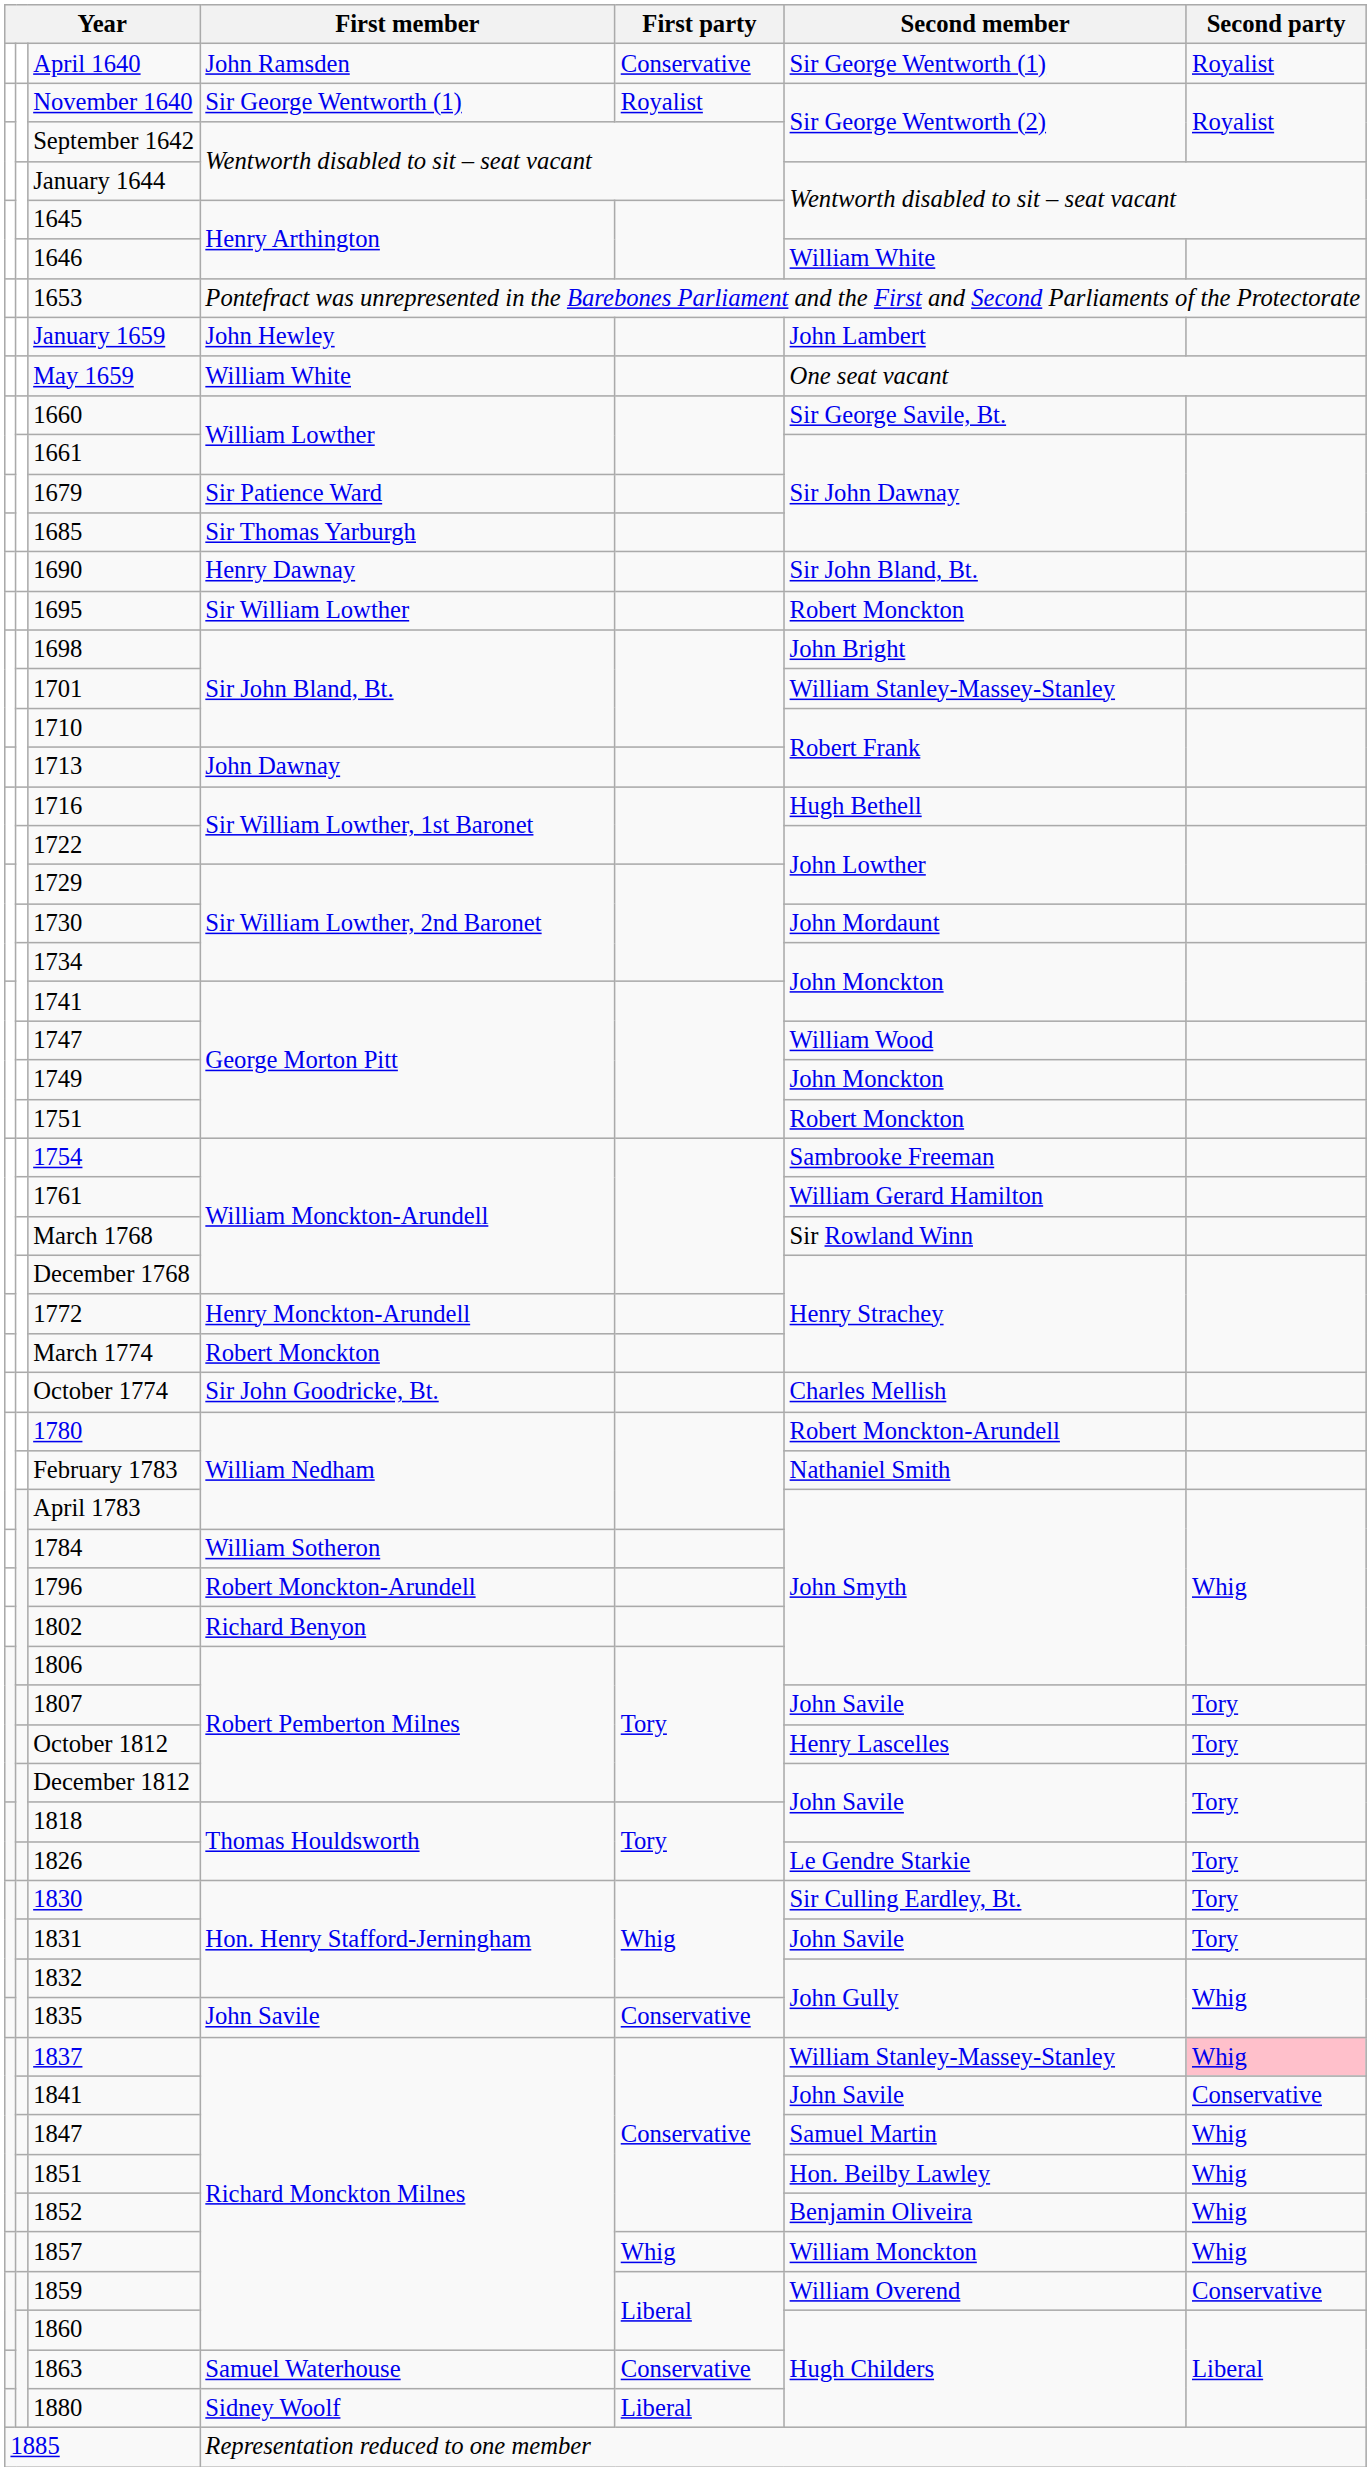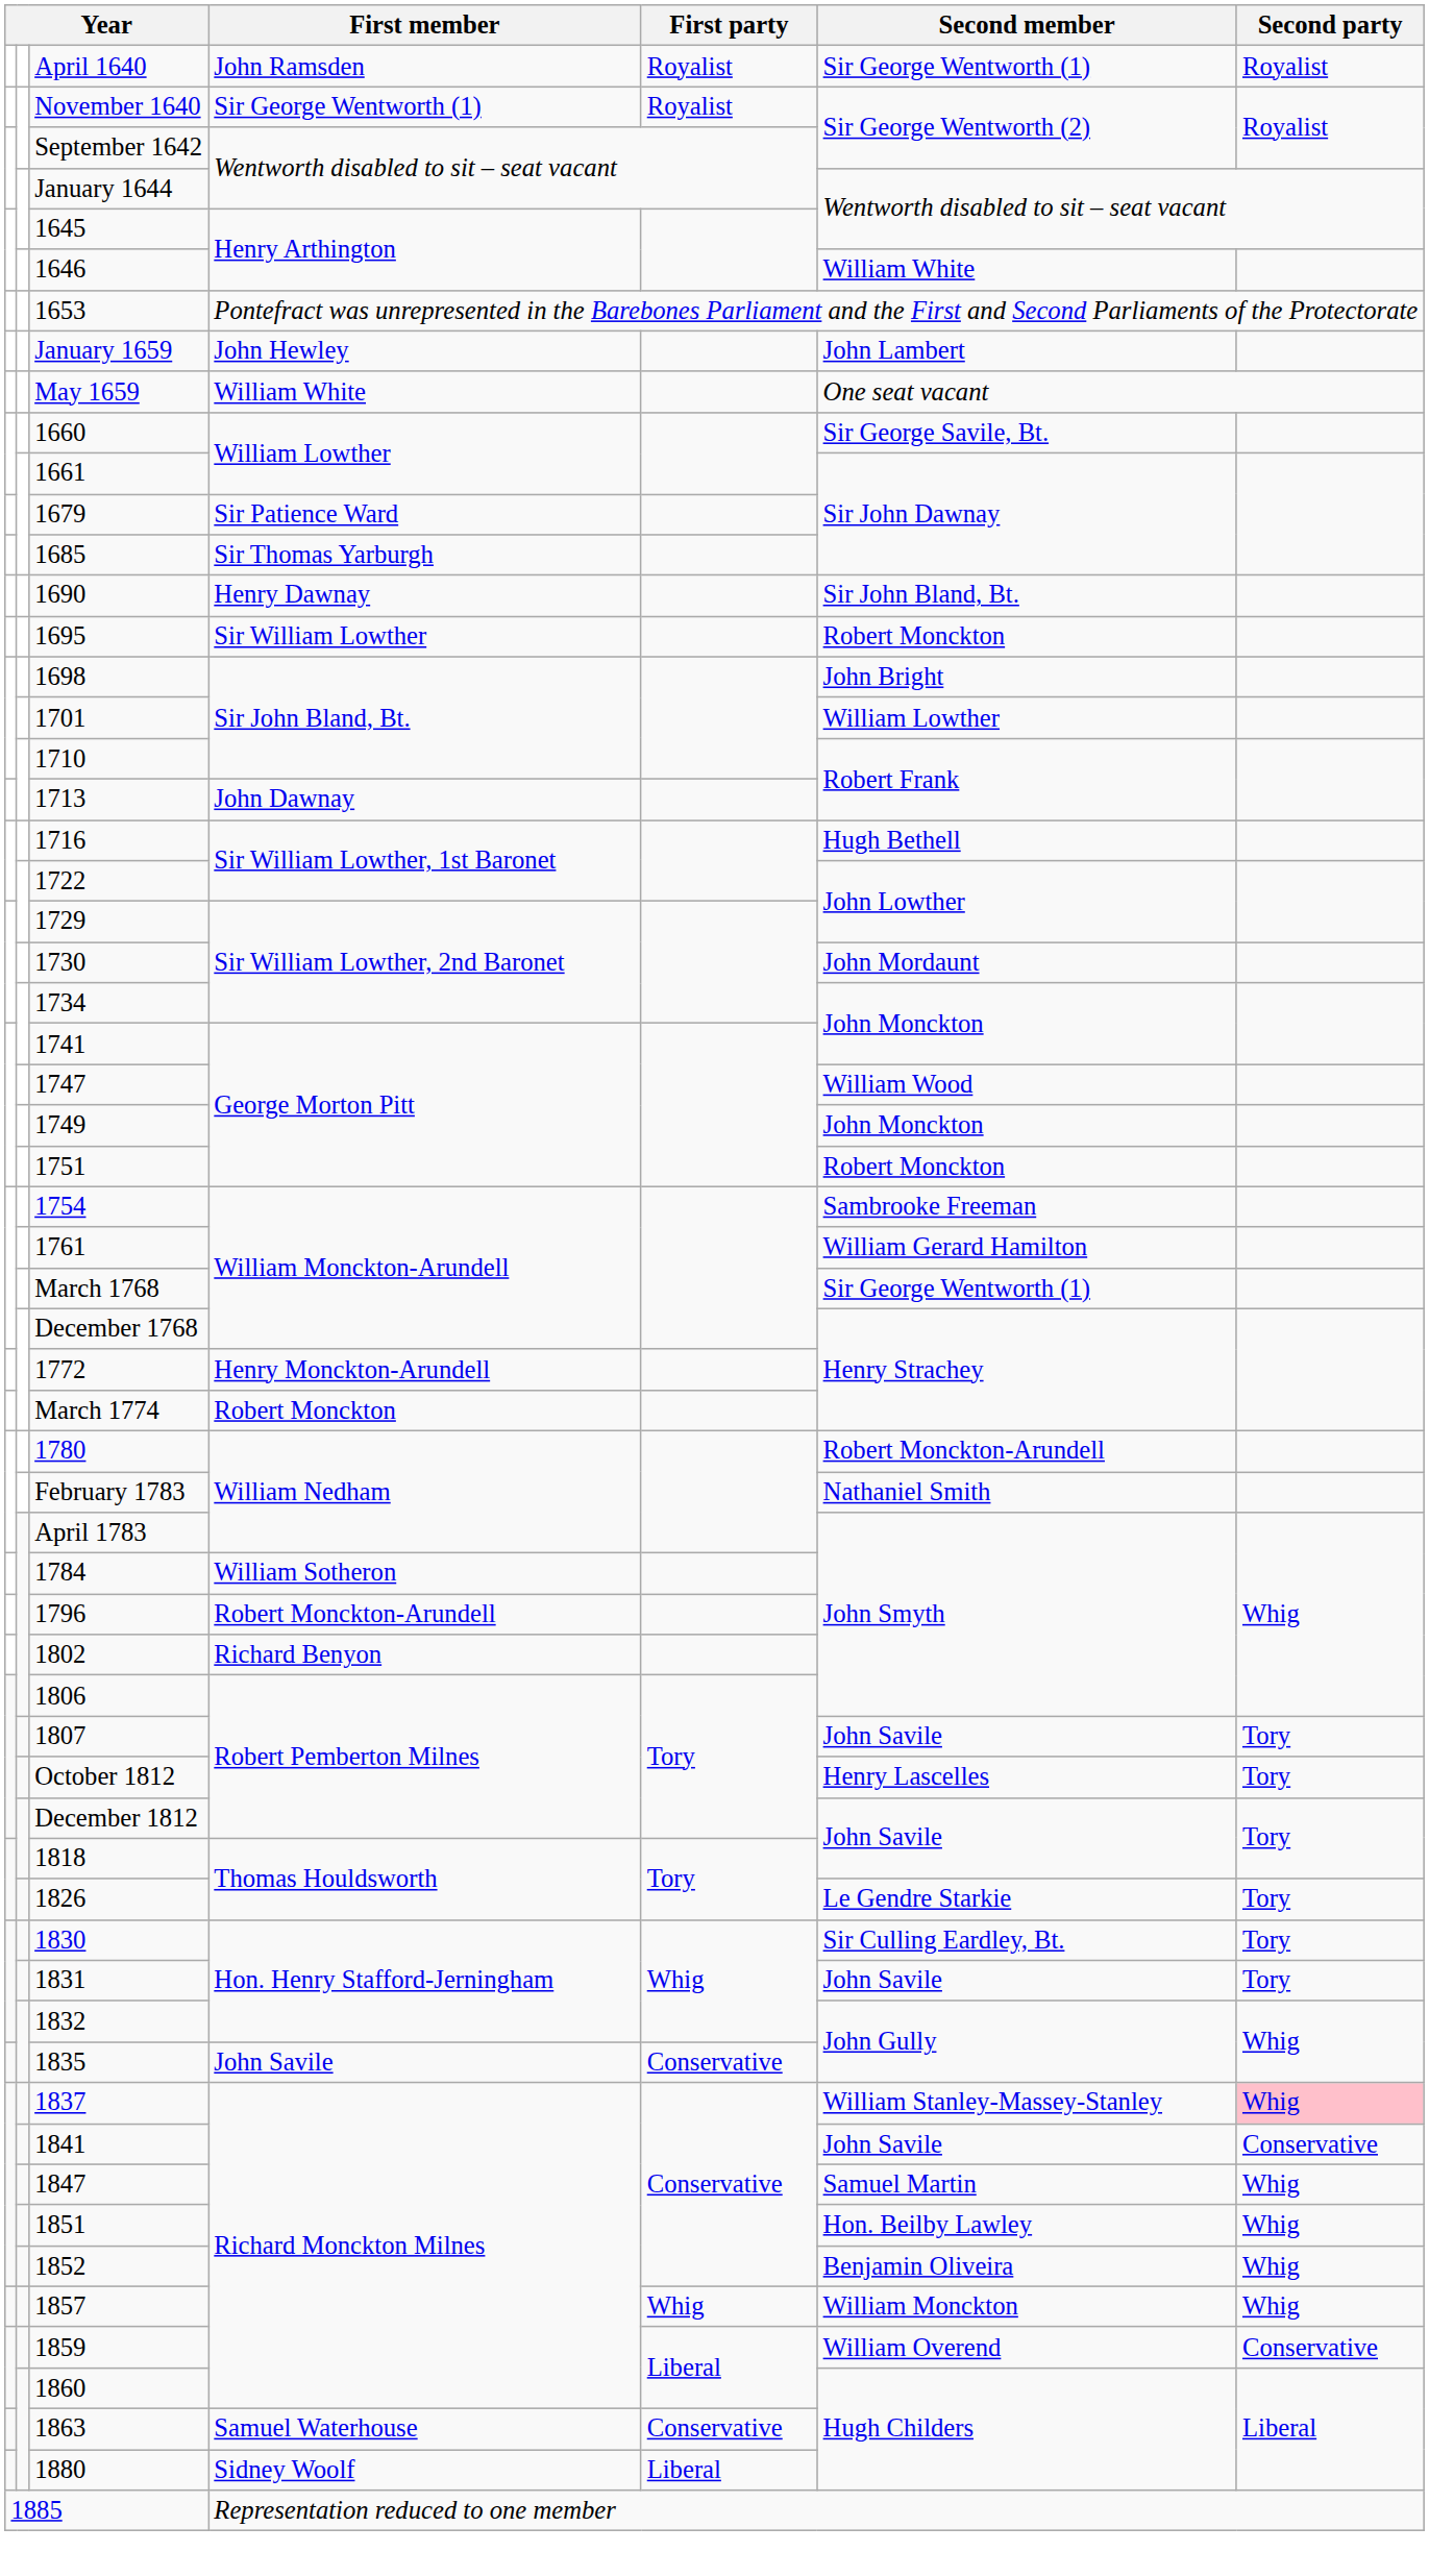 <table class="wikitable">
 <tr>
 <th colspan="3">Year</th>
 <th>First member</th>
 <th>First party</th>
 <th>Second member</th>
 <th>Second party</th>
 </tr>
 <tr>
 <td style="color:inherit;background-color: white"></td>
 <td style="color:inherit;background-color: white"></td>
 <td><a href='#'>April 1640</a></td>
 <td><a href='#'>John Ramsden</a></td>
-<td><a href='#'>Conservative</a></td>
+<td><a href='#'>Royalist</a></td>
 <td><a href='#'>Sir George Wentworth (1)</a></td>
 <td><a href='#'>Royalist</a></td>
 </tr>
 <tr>
 <td style="color:inherit;background-color: white"></td>
 <td rowspan="2" style="color:inherit;background-color: white"></td>
 <td><a href='#'>November 1640</a></td>
 <td><a href='#'>Sir George Wentworth (1)</a></td>
 <td><a href='#'>Royalist</a></td>
 <td rowspan="2"><a href='#'>Sir George Wentworth (2)</a></td>
 <td rowspan="2"><a href='#'>Royalist</a></td>
 </tr>
 <tr>
 <td rowspan="2" style="color:inherit;background-color: white"></td>
 <td>September 1642</td>
 <td rowspan="2" colspan="2"><em>Wentworth disabled to sit – seat vacant</em> </td>
 </tr>
 <tr>
 <td rowspan="2" style="color:inherit;background-color: white"></td>
 <td>January 1644</td>
 <td rowspan="2" colspan="2"><em>Wentworth disabled to sit – seat vacant</em></td>
 </tr>
 <tr>
 <td rowspan="2" style="color:inherit;background-color: white"></td>
 <td>1645</td>
 <td rowspan="2"><a href='#'>Henry Arthington</a></td>
 <td rowspan="2"></td>
 </tr>
 <tr>
 <td style="color:inherit;background-color: white"></td>
 <td>1646</td>
 <td><a href='#'>William White</a></td>
 <td></td>
 </tr>
 <tr>
 <td style="color:inherit;background-color: white"></td>
 <td style="color:inherit;background-color: white"></td>
 <td>1653</td>
 <td colspan="4"><em>Pontefract was unrepresented in the <a href='#'>Barebones Parliament</a> and the <a href='#'>First</a> and <a href='#'>Second</a> Parliaments of the Protectorate</em></td>
 </tr>
 <tr>
 <td style="color:inherit;background-color: white"></td>
 <td style="color:inherit;background-color: white"></td>
 <td><a href='#'>January 1659</a></td>
 <td><a href='#'>John Hewley</a></td>
 <td></td>
 <td><a href='#'>John Lambert</a> </td>
 <td></td>
 </tr>
 <tr>
 <td style="color:inherit;background-color: white"></td>
 <td style="color:inherit;background-color: white"></td>
 <td><a href='#'>May 1659</a></td>
 <td><a href='#'>William White</a></td>
 <td></td>
 <td colspan="2"><em>One seat vacant</em></td>
 </tr>
 <tr>
 <td rowspan="2" style="color:inherit;background-color: white"></td>
 <td style="color:inherit;background-color: white"></td>
 <td>1660</td>
 <td rowspan="2"><a href='#'>William Lowther</a></td>
 <td rowspan="2"></td>
 <td><a href='#'>Sir George Savile, Bt.</a></td>
 <td></td>
 </tr>
 <tr>
 <td rowspan="3" style="color:inherit;background-color: white"></td>
 <td>1661</td>
 <td rowspan="3"><a href='#'>Sir John Dawnay</a></td>
 <td rowspan="3"></td>
 </tr>
 <tr>
 <td style="color:inherit;background-color: white"></td>
 <td>1679</td>
 <td><a href='#'>Sir Patience Ward</a></td>
 <td></td>
 </tr>
 <tr>
 <td style="color:inherit;background-color: white"></td>
 <td>1685</td>
 <td><a href='#'>Sir Thomas Yarburgh</a></td>
 <td></td>
 </tr>
 <tr>
 <td style="color:inherit;background-color: white"></td>
 <td style="color:inherit;background-color: white"></td>
 <td>1690</td>
 <td><a href='#'>Henry Dawnay</a></td>
 <td></td>
 <td><a href='#'>Sir John Bland, Bt.</a></td>
 <td></td>
 </tr>
 <tr>
 <td style="color:inherit;background-color: white"></td>
 <td style="color:inherit;background-color: white"></td>
 <td>1695</td>
 <td><a href='#'>Sir William Lowther</a></td>
 <td></td>
 <td><a href='#'>Robert Monckton</a></td>
 <td></td>
 </tr>
 <tr>
 <td rowspan="3" style="color:inherit;background-color: white"></td>
 <td style="color:inherit;background-color: white"></td>
 <td>1698</td>
 <td rowspan="3"><a href='#'>Sir John Bland, Bt.</a></td>
 <td rowspan="3"></td>
 <td><a href='#'>John Bright</a></td>
 <td></td>
 </tr>
 <tr>
 <td style="color:inherit;background-color: white"></td>
 <td>1701</td>
-<td><a href='#'>William Stanley-Massey-Stanley</a></td>
+<td><a href='#'>William Lowther</a></td>
 <td></td>
 </tr>
 <tr>
 <td rowspan="2" style="color:inherit;background-color: white"></td>
 <td>1710</td>
 <td rowspan="2"><a href='#'>Robert Frank</a></td>
 <td rowspan="2"></td>
 </tr>
 <tr>
 <td style="color:inherit;background-color: white"></td>
 <td>1713</td>
 <td><a href='#'>John Dawnay</a></td>
 <td></td>
 </tr>
 <tr>
 <td rowspan="2" style="color:inherit;background-color: white"></td>
 <td style="color:inherit;background-color: white"></td>
 <td>1716 </td>
 <td rowspan="2"><a href='#'>Sir William Lowther, 1st Baronet</a></td>
 <td rowspan="2"></td>
 <td><a href='#'>Hugh Bethell</a></td>
 <td></td>
 </tr>
 <tr>
 <td rowspan="2" style="color:inherit;background-color: white"></td>
 <td>1722</td>
 <td rowspan="2"><a href='#'>John Lowther</a></td>
 <td rowspan="2"></td>
 </tr>
 <tr>
 <td rowspan="3" style="color:inherit;background-color: white"></td>
 <td>1729</td>
 <td rowspan="3"><a href='#'>Sir William Lowther, 2nd Baronet</a></td>
 <td rowspan="3"></td>
 </tr>
 <tr>
 <td style="color:inherit;background-color: white"></td>
 <td>1730</td>
 <td><a href='#'>John Mordaunt</a></td>
 <td></td>
 </tr>
 <tr>
 <td rowspan="2" style="color:inherit;background-color: white"></td>
 <td>1734</td>
 <td rowspan="2"><a href='#'>John Monckton</a></td>
 <td rowspan="2"></td>
 </tr>
 <tr>
 <td rowspan="4" style="color:inherit;background-color: white"></td>
 <td>1741</td>
 <td rowspan="4"><a href='#'>George Morton Pitt</a></td>
 <td rowspan="4"></td>
 </tr>
 <tr>
 <td style="color:inherit;background-color: white"></td>
 <td>1747</td>
 <td><a href='#'>William Wood</a></td>
 <td></td>
 </tr>
 <tr>
 <td style="color:inherit;background-color: white"></td>
 <td>1749</td>
 <td><a href='#'>John Monckton</a></td>
 <td></td>
 </tr>
 <tr>
 <td style="color:inherit;background-color: white"></td>
 <td>1751</td>
 <td><a href='#'>Robert Monckton</a></td>
 <td></td>
 </tr>
 <tr>
 <td rowspan="4" style="color:inherit;background-color: white"></td>
 <td style="color:inherit;background-color: white"></td>
 <td><a href='#'>1754</a></td>
 <td rowspan="4"><a href='#'>William Monckton-Arundell</a></td>
 <td rowspan="4"></td>
 <td><a href='#'>Sambrooke Freeman</a></td>
 <td></td>
 </tr>
 <tr>
 <td style="color:inherit;background-color: white"></td>
 <td>1761</td>
 <td><a href='#'>William Gerard Hamilton</a></td>
 <td></td>
 </tr>
 <tr>
 <td style="color:inherit;background-color: white"></td>
 <td>March 1768</td>
-<td>Sir <a href='#'>Rowland Winn</a></td>
+<td><a href='#'>Sir George Wentworth (1)</a></td>
 <td></td>
 </tr>
 <tr>
 <td rowspan="3" style="color:inherit;background-color: white"></td>
 <td>December 1768</td>
 <td rowspan="3"><a href='#'>Henry Strachey</a></td>
 <td rowspan="3"></td>
 </tr>
 <tr>
 <td style="color:inherit;background-color: white"></td>
 <td>1772</td>
 <td><a href='#'>Henry Monckton-Arundell</a></td>
 <td></td>
 </tr>
 <tr>
 <td style="color:inherit;background-color: white"></td>
 <td>March 1774</td>
 <td><a href='#'>Robert Monckton</a></td>
-<td></td>
-</tr>
-<tr>
-<td style="color:inherit;background-color: white"></td>
-<td style="color:inherit;background-color: white"></td>
-<td>October 1774</td>
-<td><a href='#'>Sir John Goodricke, Bt.</a></td>
-<td></td>
-<td><a href='#'>Charles Mellish</a> </td>
 <td></td>
 </tr>
 <tr>
 <td rowspan="3" style="color:inherit;background-color: white"></td>
 <td style="color:inherit;background-color: white"></td>
 <td><a href='#'>1780</a></td>
 <td rowspan="3"><a href='#'>William Nedham</a></td>
 <td rowspan="3"></td>
 <td><a href='#'>Robert Monckton-Arundell</a></td>
 <td></td>
 </tr>
 <tr>
 <td style="color:inherit;background-color: white"></td>
 <td>February 1783</td>
 <td><a href='#'>Nathaniel Smith</a></td>
 <td></td>
 </tr>
 <tr>
 <td rowspan="5" style="color:inherit;background-color: "></td>
 <td>April 1783</td>
 <td rowspan="5"><a href='#'>John Smyth</a></td>
 <td rowspan="5"><a href='#'>Whig</a></td>
 </tr>
 <tr>
 <td style="color:inherit;background-color: white"></td>
 <td>1784</td>
 <td><a href='#'>William Sotheron</a></td>
 <td></td>
 </tr>
 <tr>
 <td style="color:inherit;background-color: white"></td>
 <td>1796</td>
 <td><a href='#'>Robert Monckton-Arundell</a></td>
 <td></td>
 </tr>
 <tr>
 <td style="color:inherit;background-color: white"></td>
 <td>1802</td>
 <td><a href='#'>Richard Benyon</a></td>
 <td></td>
 </tr>
 <tr>
 <td rowspan="4" style="color:inherit;background-color: "></td>
 <td>1806</td>
 <td rowspan="4"><a href='#'>Robert Pemberton Milnes</a></td>
 <td rowspan="4"><a href='#'>Tory</a></td>
 </tr>
 <tr>
 <td style="color:inherit;background-color: "></td>
 <td>1807</td>
 <td><a href='#'>John Savile</a></td>
 <td><a href='#'>Tory</a></td>
 </tr>
 <tr>
 <td style="color:inherit;background-color: "></td>
 <td>October 1812</td>
 <td><a href='#'>Henry Lascelles</a></td>
 <td><a href='#'>Tory</a></td>
 </tr>
 <tr>
 <td rowspan="2" style="color:inherit;background-color: "></td>
 <td>December 1812</td>
 <td rowspan="2"><a href='#'>John Savile</a></td>
 <td rowspan="2"><a href='#'>Tory</a></td>
 </tr>
 <tr>
 <td rowspan="2" style="color:inherit;background-color: "></td>
 <td>1818</td>
 <td rowspan="2"><a href='#'>Thomas Houldsworth</a></td>
 <td rowspan="2"><a href='#'>Tory</a></td>
 </tr>
 <tr>
 <td style="color:inherit;background-color: "></td>
 <td>1826</td>
 <td><a href='#'>Le Gendre Starkie</a></td>
 <td><a href='#'>Tory</a></td>
 </tr>
 <tr>
 <td rowspan="3" style="color:inherit;background-color: "></td>
 <td style="color:inherit;background-color: "></td>
 <td><a href='#'>1830</a></td>
 <td rowspan="3"><a href='#'>Hon. Henry Stafford-Jerningham</a></td>
 <td rowspan="3"><a href='#'>Whig</a></td>
 <td><a href='#'>Sir Culling Eardley, Bt.</a></td>
 <td><a href='#'>Tory</a></td>
 </tr>
 <tr>
 <td style="color:inherit;background-color: "></td>
 <td>1831</td>
 <td><a href='#'>John Savile</a></td>
 <td><a href='#'>Tory</a></td>
 </tr>
 <tr>
 <td rowspan="2" style="color:inherit;background-color: "></td>
 <td>1832</td>
 <td rowspan="2"><a href='#'>John Gully</a></td>
 <td rowspan="2"><a href='#'>Whig</a></td>
 </tr>
 <tr>
 <td style="color:inherit;background-color: "></td>
 <td>1835</td>
 <td><a href='#'>John Savile</a></td>
 <td><a href='#'>Conservative</a></td>
 </tr>
 <tr>
 <td rowspan="5" style="color:inherit;background-color: "></td>
 <td style="color:inherit;background-color: "></td>
 <td><a href='#'>1837</a></td>
 <td rowspan="8"><a href='#'>Richard Monckton Milnes</a></td>
 <td rowspan="5"><a href='#'>Conservative</a></td>
 <td><a href='#'>William Stanley-Massey-Stanley</a></td>
 <td style="background: pink;"><a href='#'>Whig</a></td>
 </tr>
 <tr>
 <td style="color:inherit;background-color: "></td>
 <td>1841</td>
 <td><a href='#'>John Savile</a></td>
 <td><a href='#'>Conservative</a></td>
 </tr>
 <tr>
 <td style="color:inherit;background-color: "></td>
 <td>1847</td>
 <td><a href='#'>Samuel Martin</a></td>
 <td><a href='#'>Whig</a></td>
 </tr>
 <tr>
 <td style="color:inherit;background-color: "></td>
 <td>1851</td>
 <td><a href='#'>Hon. Beilby Lawley</a></td>
 <td><a href='#'>Whig</a></td>
 </tr>
 <tr>
 <td style="color:inherit;background-color: "></td>
 <td>1852</td>
 <td><a href='#'>Benjamin Oliveira</a></td>
 <td><a href='#'>Whig</a></td>
 </tr>
 <tr>
 <td style="color:inherit;background-color: "></td>
 <td style="color:inherit;background-color: "></td>
 <td>1857</td>
 <td><a href='#'>Whig</a></td>
 <td><a href='#'>William Monckton</a></td>
 <td><a href='#'>Whig</a></td>
 </tr>
 <tr>
 <td rowspan="2" style="color:inherit;background-color: "></td>
 <td style="color:inherit;background-color: "></td>
 <td>1859</td>
 <td rowspan ="2"><a href='#'>Liberal</a></td>
 <td><a href='#'>William Overend</a></td>
 <td><a href='#'>Conservative</a></td>
 </tr>
 <tr>
 <td rowspan="3" style="color:inherit;background-color: "></td>
 <td>1860</td>
 <td rowspan="3"><a href='#'>Hugh Childers</a></td>
 <td rowspan="3"><a href='#'>Liberal</a></td>
 </tr>
 <tr>
 <td style="color:inherit;background-color: "></td>
 <td>1863</td>
 <td><a href='#'>Samuel Waterhouse</a></td>
 <td><a href='#'>Conservative</a></td>
 </tr>
 <tr>
 <td style="color:inherit;background-color: "></td>
 <td>1880</td>
 <td><a href='#'>Sidney Woolf</a></td>
 <td><a href='#'>Liberal</a></td>
 </tr>
 <tr>
 <td colspan="3"><a href='#'>1885</a></td>
 <td colspan="4"><em>Representation reduced to one member</em></td>
 </tr>
 </table>
